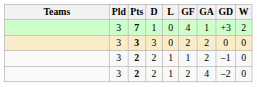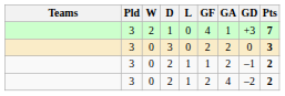 <table class="wikitable" style="text-align: center;">
 <tr>
 <th width=165>Teams</th>
 <th width=20>Pld</th>
-<th width=20>Pts</th>
+<th width=20>W</th>
 <th width=20>D</th>
 <th width=20>L</th>
 <th width=20>GF</th>
 <th width=20>GA</th>
 <th width=20>GD</th>
-<th width=20>W</th>
+<th width=20>Pts</th>
 </tr>
 <tr align=center style="background:#ccffcc;">
 <td style="text-align:left;"></td>
 <td>3</td>
-<td><strong>7</strong></td>
+<td>2</td>
 <td>1</td>
 <td>0</td>
 <td>4</td>
 <td>1</td>
 <td>+3</td>
-<td>2</td>
+<td><strong>7</strong></td>
 </tr>
 <tr align=center style="background:#faecc8;">
 <td style="text-align:left;"></td>
 <td>3</td>
-<td><strong>3</strong></td>
+<td>0</td>
 <td>3</td>
 <td>0</td>
 <td>2</td>
 <td>2</td>
 <td>0</td>
-<td>0</td>
+<td><strong>3</strong></td>
 </tr>
 <tr align=center>
 <td style="text-align:left;"></td>
 <td>3</td>
-<td><strong>2</strong></td>
+<td>0</td>
 <td>2</td>
 <td>1</td>
 <td>1</td>
 <td>2</td>
 <td>–1</td>
-<td>0</td>
+<td><strong>2</strong></td>
 </tr>
 <tr align=center>
 <td style="text-align:left;"></td>
 <td>3</td>
-<td><strong>2</strong></td>
+<td>0</td>
 <td>2</td>
 <td>1</td>
 <td>2</td>
 <td>4</td>
 <td>–2</td>
-<td>0</td>
+<td><strong>2</strong></td>
 </tr>
 </table>
